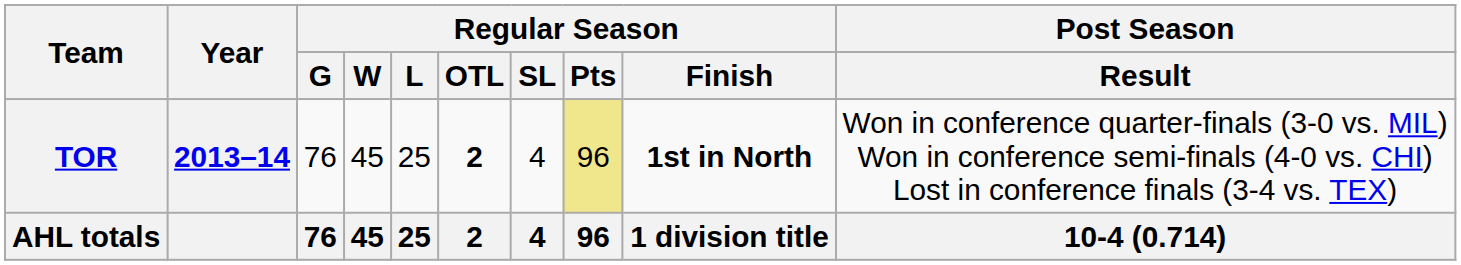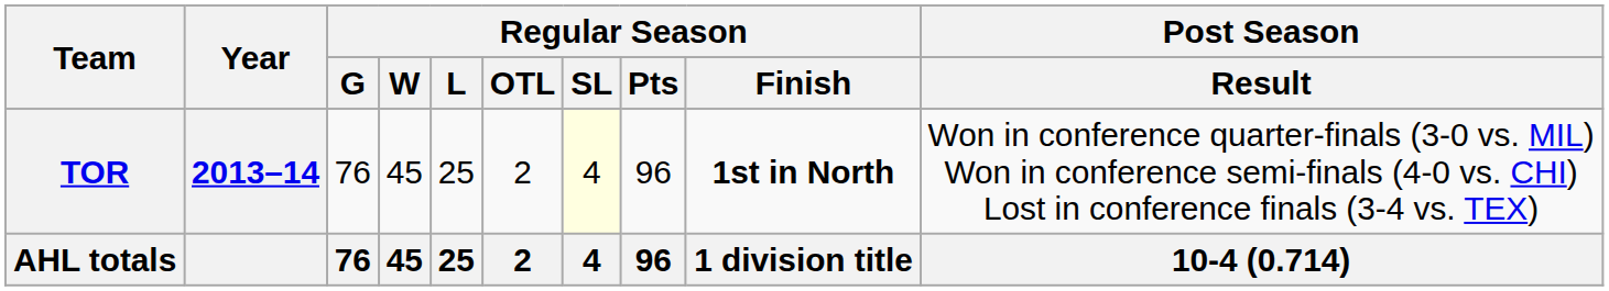 <table class="wikitable" style="font-size: 95%; text-align:center;">
 <tr>
 <th rowspan="2">Team</th>
 <th rowspan="2">Year</th>
 <th colspan="7">Regular Season</th>
 <th colspan="1">Post Season</th>
 </tr>
 <tr>
 <th>G</th>
 <th>W</th>
 <th>L</th>
 <th>OTL</th>
 <th>SL</th>
 <th>Pts</th>
 <th>Finish</th>
 <th>Result</th>
 </tr>
 <tr>
 <th><a href='#'>TOR</a></th>
 <th><a href='#'>2013–14</a></th>
 <td>76</td>
 <td>45</td>
 <td>25</td>
-<td><strong>2</strong></td>
-<td>4</td>
-<td style="background: khaki;">96</td>
+<td>2</td>
+<td style="background: lightyellow;">4</td>
+<td>96</td>
 <td><strong>1st in North</strong></td>
 <td>Won in conference quarter-finals (3-0 vs. <a href='#'>MIL</a>) <br> Won in conference semi-finals (4-0 vs. <a href='#'>CHI</a>) <br> Lost in conference finals (3-4 vs. <a href='#'>TEX</a>)</td>
 </tr>
 <tr align="centre" bgcolor="#dddddd">
 <th>AHL totals</th>
 <th></th>
 <th>76</th>
 <th>45</th>
 <th>25</th>
 <th>2</th>
 <th>4</th>
 <th>96</th>
 <th>1 division title</th>
 <th>10-4 (0.714)</th>
 </tr>
 </table>
